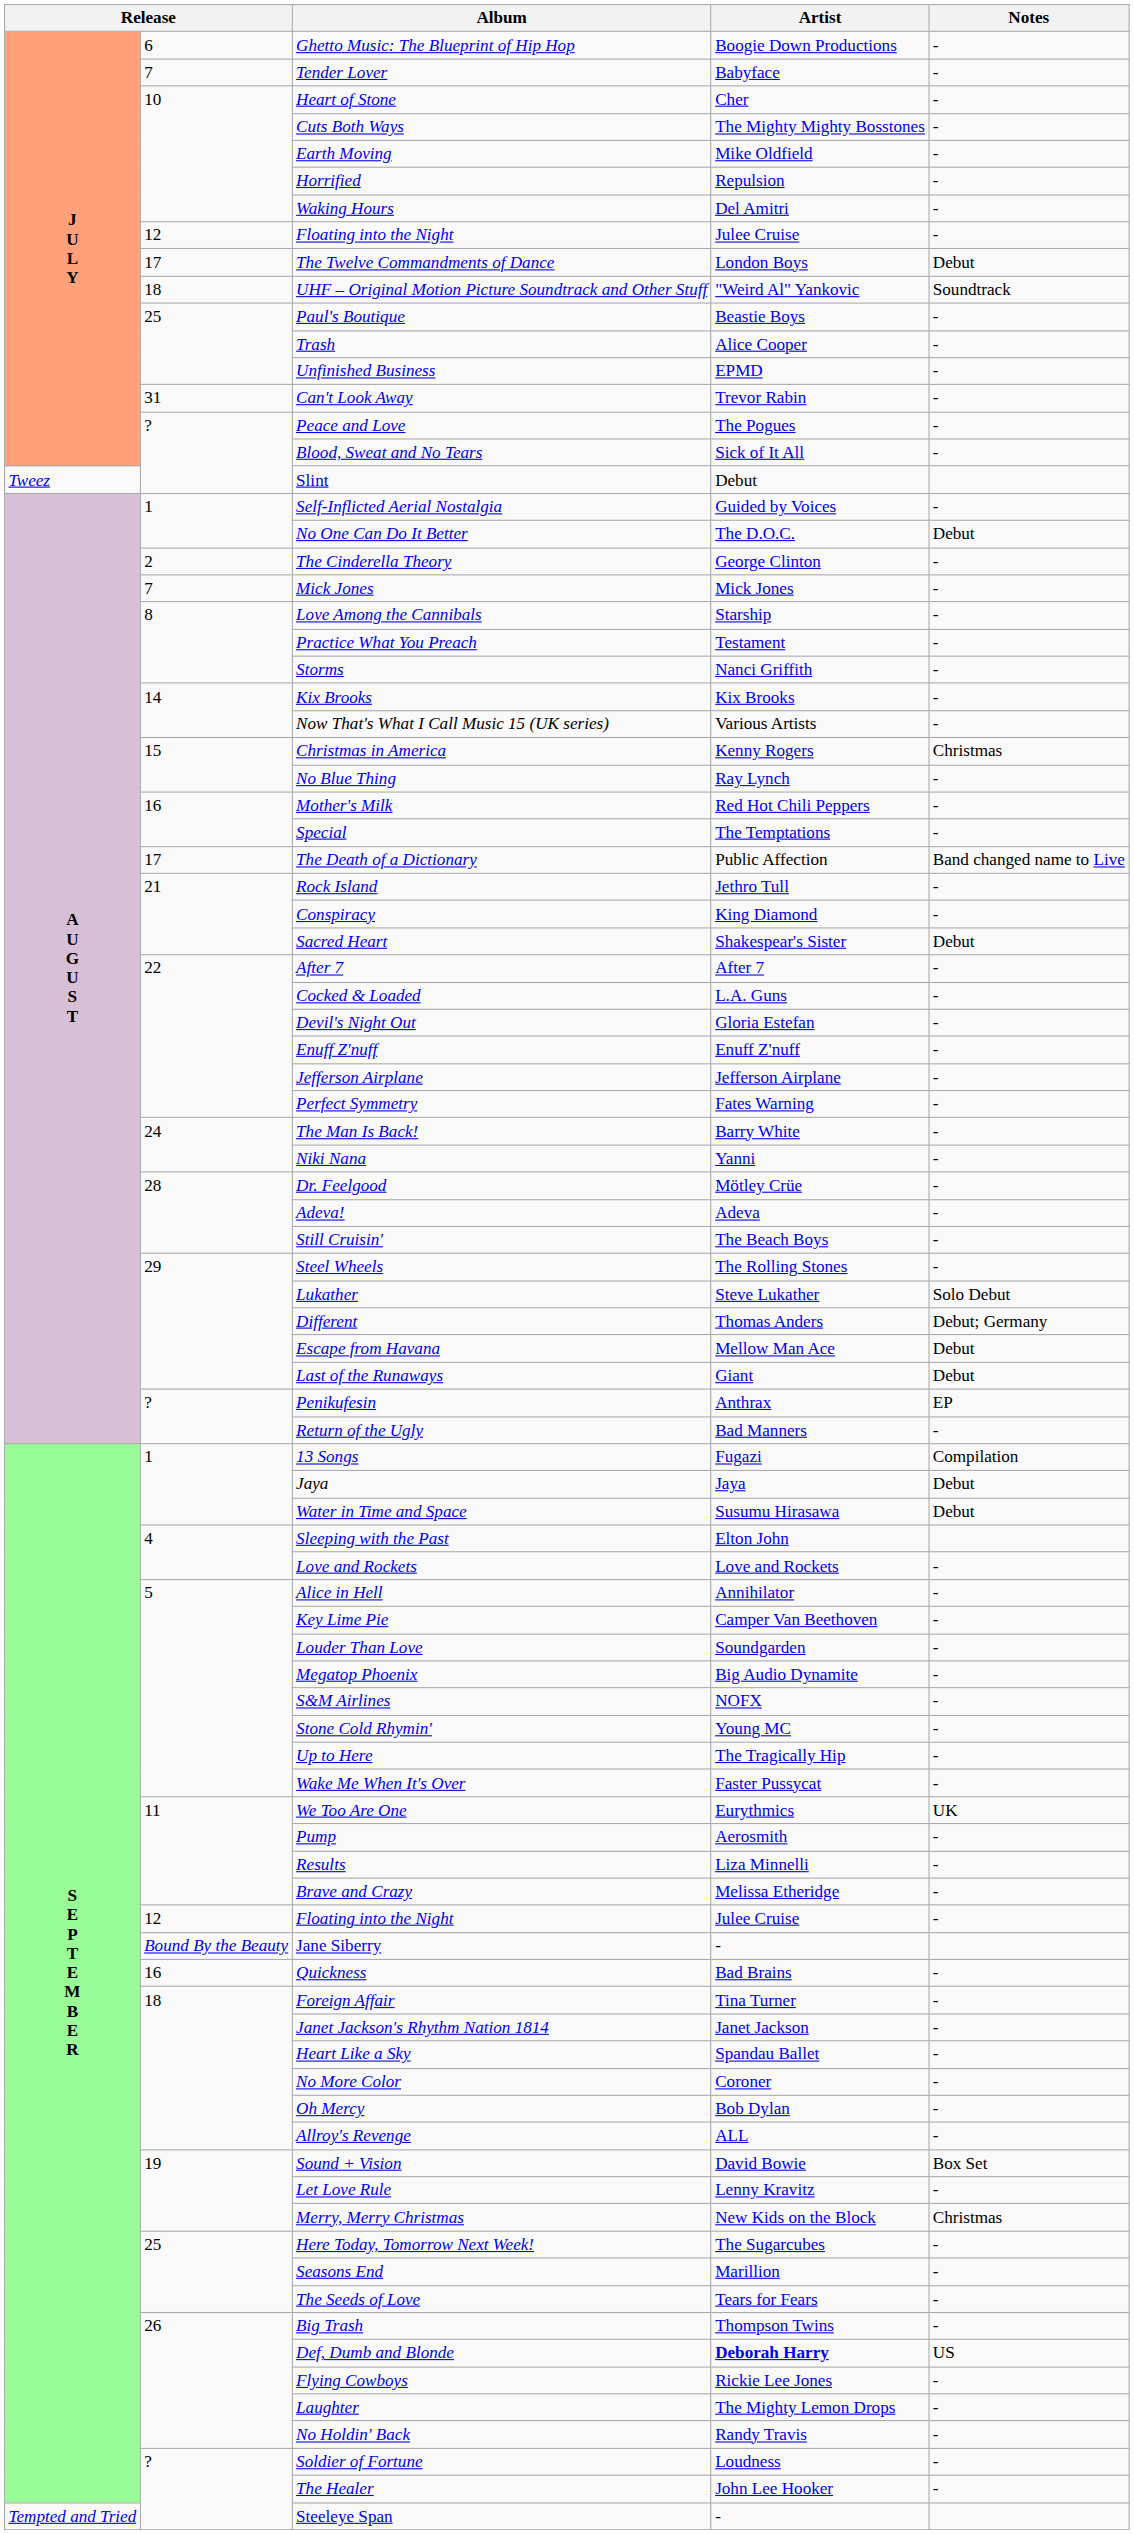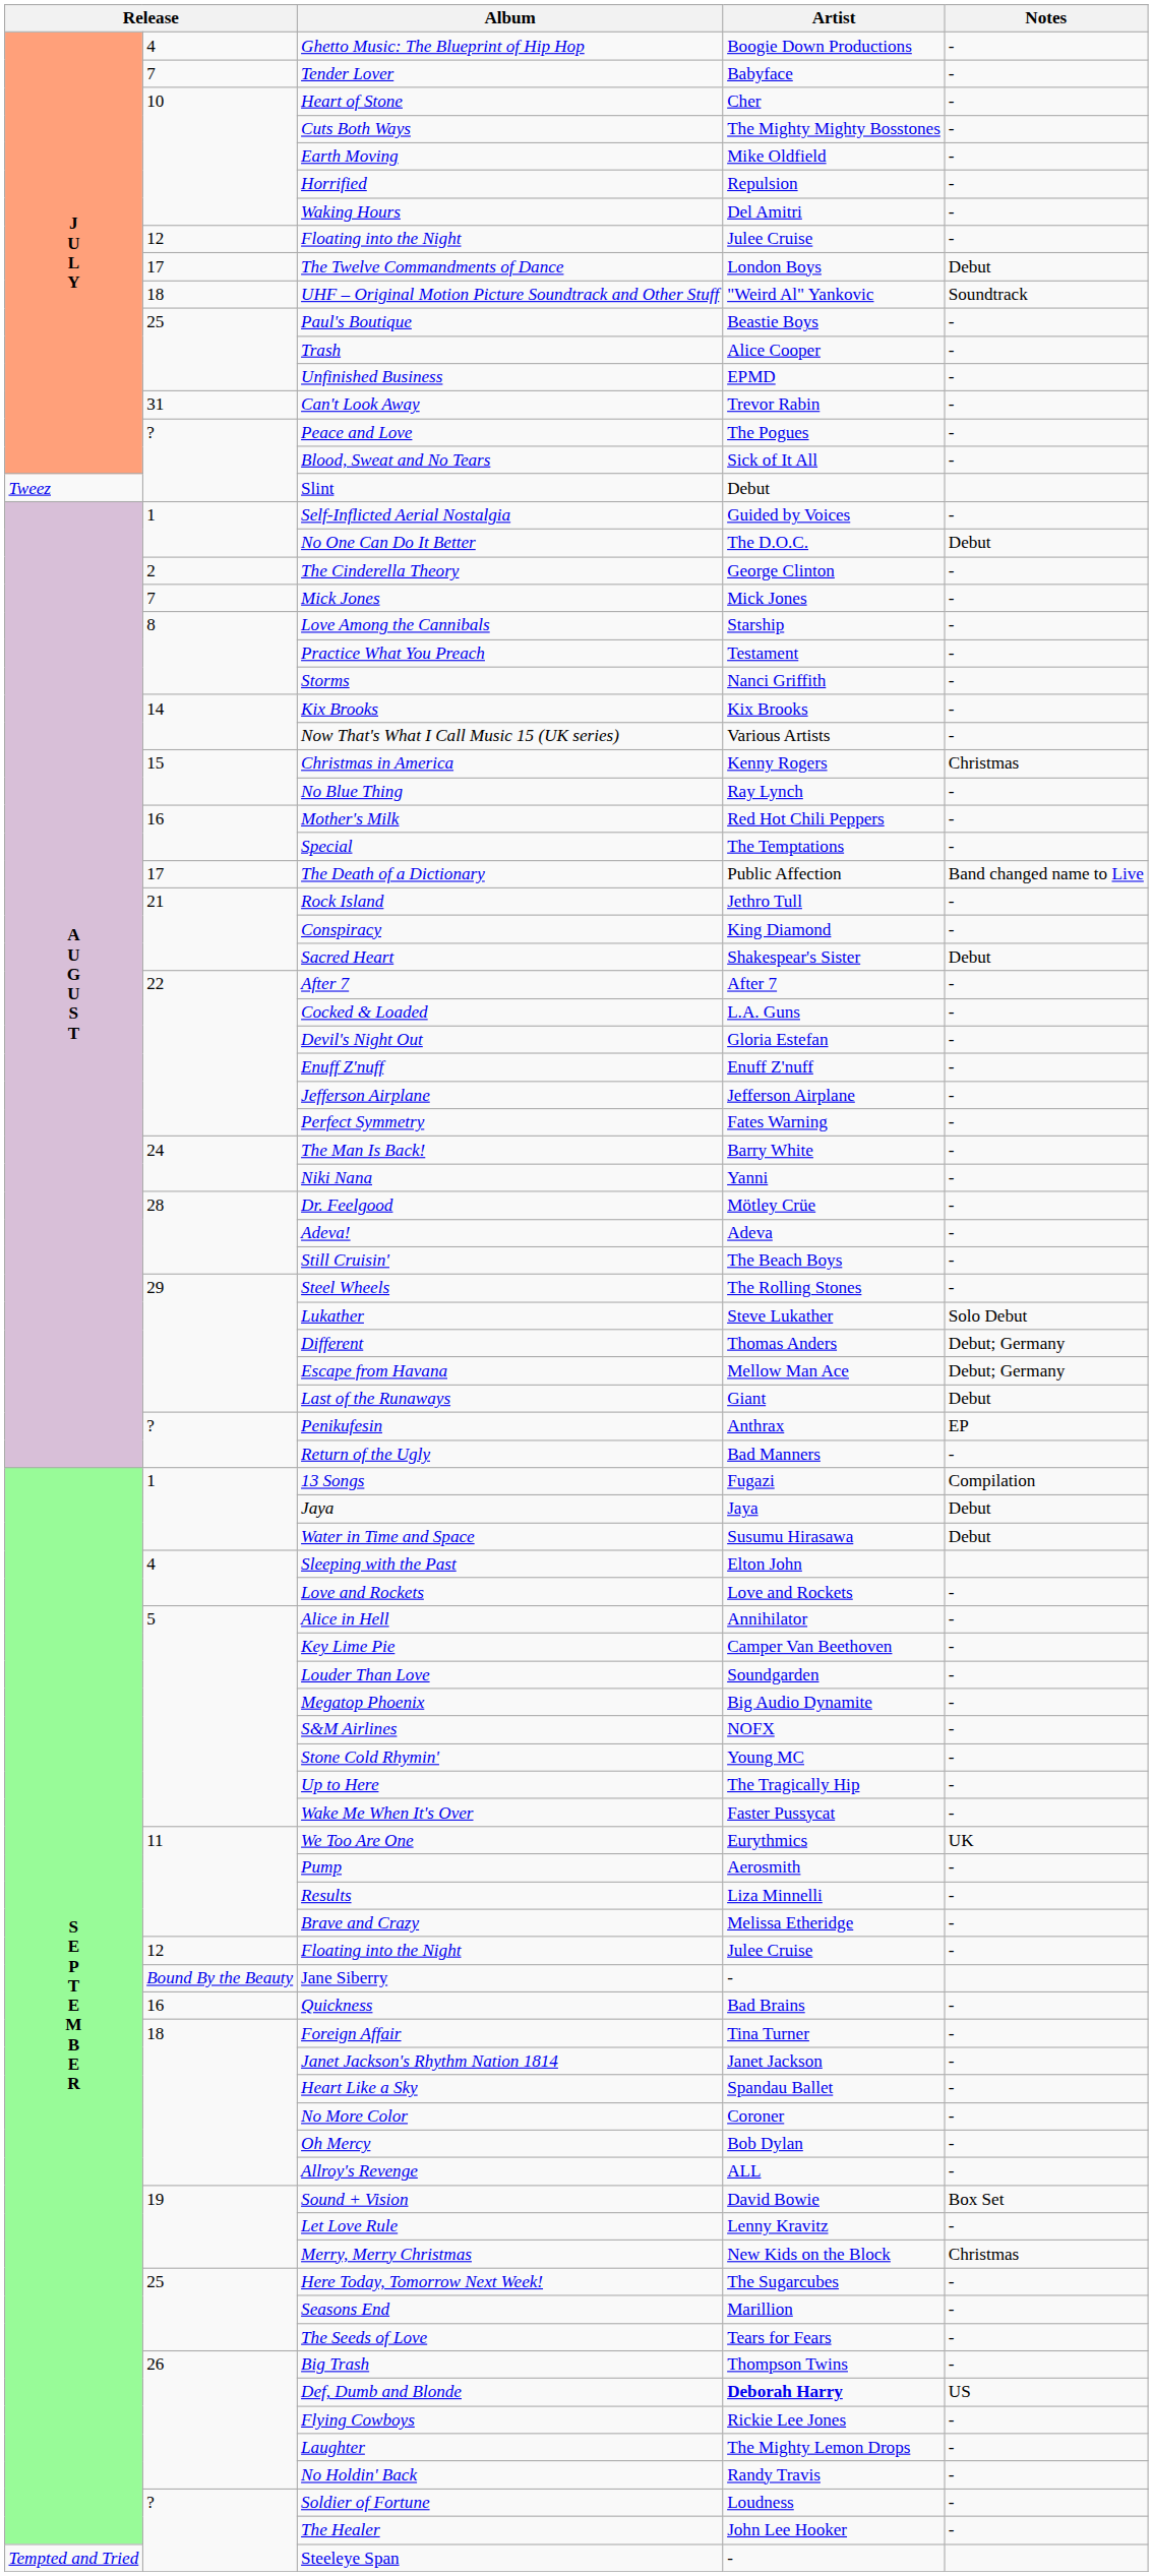 <table class="wikitable">
 <tr>
 <th colspan="2">Release</th>
 <th>Album</th>
 <th>Artist</th>
 <th>Notes</th>
 </tr>
 <tr>
 <td rowspan="16" valign="center" align="center" style="background:#FFA07A; textcolor:#000;"><strong>J<br>U<br>L<br>Y</strong></td>
-<td valign="top">6</td>
+<td valign="top">4</td>
 <td><em><a href='#'>Ghetto Music: The Blueprint of Hip Hop</a></em></td>
 <td><a href='#'>Boogie Down Productions</a></td>
 <td>-</td>
 </tr>
 <tr>
 <td valign="top">7</td>
 <td><em><a href='#'>Tender Lover</a></em></td>
 <td><a href='#'>Babyface</a></td>
 <td>-</td>
 </tr>
 <tr>
 <td rowspan="5" valign="top">10</td>
 <td><em><a href='#'>Heart of Stone</a></em></td>
 <td><a href='#'>Cher</a></td>
 <td>-</td>
 </tr>
 <tr>
 <td><em><a href='#'>Cuts Both Ways</a></em></td>
 <td><a href='#'>The Mighty Mighty Bosstones</a></td>
 <td>-</td>
 </tr>
 <tr>
 <td><em><a href='#'>Earth Moving</a></em></td>
 <td><a href='#'>Mike Oldfield</a></td>
 <td>-</td>
 </tr>
 <tr>
 <td><em><a href='#'>Horrified</a></em></td>
 <td><a href='#'>Repulsion</a></td>
 <td>-</td>
 </tr>
 <tr>
 <td><em><a href='#'>Waking Hours</a></em></td>
 <td><a href='#'>Del Amitri</a></td>
 <td>-</td>
 </tr>
 <tr>
 <td valign="top">12</td>
 <td><em><a href='#'>Floating into the Night</a></em></td>
 <td><a href='#'>Julee Cruise</a></td>
 <td>-</td>
 </tr>
 <tr>
 <td valign="top">17</td>
 <td><em><a href='#'>The Twelve Commandments of Dance</a></em></td>
 <td><a href='#'>London Boys</a></td>
 <td>Debut</td>
 </tr>
 <tr>
 <td valign="top">18</td>
 <td><em><a href='#'>UHF – Original Motion Picture Soundtrack and Other Stuff</a></em></td>
 <td><a href='#'>"Weird Al" Yankovic</a></td>
 <td>Soundtrack</td>
 </tr>
 <tr>
 <td rowspan="3" valign="top">25</td>
 <td><em><a href='#'>Paul's Boutique</a></em></td>
 <td><a href='#'>Beastie Boys</a></td>
 <td>-</td>
 </tr>
 <tr>
 <td><em><a href='#'>Trash</a></em></td>
 <td><a href='#'>Alice Cooper</a></td>
 <td>-</td>
 </tr>
 <tr>
 <td><em><a href='#'>Unfinished Business</a></em></td>
 <td><a href='#'>EPMD</a></td>
 <td>-</td>
 </tr>
 <tr>
 <td valign="top">31</td>
 <td><em><a href='#'>Can't Look Away</a></em></td>
 <td><a href='#'>Trevor Rabin</a></td>
 <td>-</td>
 </tr>
 <tr>
 <td rowspan="3" valign="top">?</td>
 <td><em><a href='#'>Peace and Love</a></em></td>
 <td><a href='#'>The Pogues</a></td>
 <td>-</td>
 </tr>
 <tr>
 <td><em><a href='#'>Blood, Sweat and No Tears</a></em></td>
 <td><a href='#'>Sick of It All</a></td>
 <td>-</td>
 </tr>
 <tr>
 <td><em><a href='#'>Tweez</a></em></td>
 <td><a href='#'>Slint</a></td>
 <td>Debut</td>
 </tr>
 <tr>
 <td rowspan="35" valign="center" align="center" style="background:#D8BFD8; textcolor:#000;"><strong>A<br>U<br>G<br>U<br>S<br>T</strong></td>
 <td rowspan="2" valign="top">1</td>
 <td><em><a href='#'>Self-Inflicted Aerial Nostalgia</a></em></td>
 <td><a href='#'>Guided by Voices</a></td>
 <td>-</td>
 </tr>
 <tr>
 <td><em><a href='#'>No One Can Do It Better</a></em></td>
 <td><a href='#'>The D.O.C.</a></td>
 <td>Debut</td>
 </tr>
 <tr>
 <td valign="top">2</td>
 <td><em><a href='#'>The Cinderella Theory</a></em></td>
 <td><a href='#'>George Clinton</a></td>
 <td>-</td>
 </tr>
 <tr>
 <td rowspan="1" valign="top">7</td>
 <td><em><a href='#'>Mick Jones</a></em></td>
 <td><a href='#'>Mick Jones</a></td>
 <td>-</td>
 </tr>
 <tr>
 <td rowspan="3" valign="top">8</td>
 <td><em><a href='#'>Love Among the Cannibals</a></em></td>
 <td><a href='#'>Starship</a></td>
 <td>-</td>
 </tr>
 <tr>
 <td><em><a href='#'>Practice What You Preach</a></em></td>
 <td><a href='#'>Testament</a></td>
 <td>-</td>
 </tr>
 <tr>
 <td><em><a href='#'>Storms</a></em></td>
 <td><a href='#'>Nanci Griffith</a></td>
 <td>-</td>
 </tr>
 <tr>
 <td rowspan="2" valign="top">14</td>
 <td><em><a href='#'>Kix Brooks</a></em></td>
 <td><a href='#'>Kix Brooks</a></td>
 <td>-</td>
 </tr>
 <tr>
 <td><em>Now That's What I Call Music 15 (UK series)</em></td>
 <td>Various Artists</td>
 <td>-</td>
 </tr>
 <tr>
 <td rowspan="2" valign="top">15</td>
 <td><em><a href='#'>Christmas in America</a></em></td>
 <td><a href='#'>Kenny Rogers</a></td>
 <td>Christmas</td>
 </tr>
 <tr>
 <td><em><a href='#'>No Blue Thing</a></em></td>
 <td><a href='#'>Ray Lynch</a></td>
 <td>-</td>
 </tr>
 <tr>
 <td rowspan="2" valign="top">16</td>
 <td><em><a href='#'>Mother's Milk</a></em></td>
 <td><a href='#'>Red Hot Chili Peppers</a></td>
 <td>-</td>
 </tr>
 <tr>
 <td><em><a href='#'>Special</a></em></td>
 <td><a href='#'>The Temptations</a></td>
 <td>-</td>
 </tr>
 <tr>
 <td valign="top">17</td>
 <td><em><a href='#'>The Death of a Dictionary</a></em></td>
 <td>Public Affection</td>
 <td>Band changed name to <a href='#'>Live</a></td>
 </tr>
 <tr>
 <td rowspan="3" valign="top">21</td>
 <td><em><a href='#'>Rock Island</a></em></td>
 <td><a href='#'>Jethro Tull</a></td>
 <td>-</td>
 </tr>
 <tr>
 <td><em><a href='#'>Conspiracy</a></em></td>
 <td><a href='#'>King Diamond</a></td>
 <td>-</td>
 </tr>
 <tr>
 <td><em><a href='#'>Sacred Heart</a></em></td>
 <td><a href='#'>Shakespear's Sister</a></td>
 <td>Debut</td>
 </tr>
 <tr>
 <td rowspan="6" valign="top">22</td>
 <td><em><a href='#'>After 7</a></em></td>
 <td><a href='#'>After 7</a></td>
 <td>-</td>
 </tr>
 <tr>
 <td><em><a href='#'>Cocked & Loaded</a></em></td>
 <td><a href='#'>L.A. Guns</a></td>
 <td>-</td>
 </tr>
 <tr>
 <td><em><a href='#'>Devil's Night Out</a></em></td>
 <td><a href='#'>Gloria Estefan</a></td>
 <td>-</td>
 </tr>
 <tr>
 <td><em><a href='#'>Enuff Z'nuff</a></em></td>
 <td><a href='#'>Enuff Z'nuff</a></td>
 <td>-</td>
 </tr>
 <tr>
 <td><em><a href='#'>Jefferson Airplane</a></em></td>
 <td><a href='#'>Jefferson Airplane</a></td>
 <td>-</td>
 </tr>
 <tr>
 <td><em><a href='#'>Perfect Symmetry</a></em></td>
 <td><a href='#'>Fates Warning</a></td>
 <td>-</td>
 </tr>
 <tr>
 <td rowspan="2" valign="top">24</td>
 <td><em><a href='#'>The Man Is Back!</a></em></td>
 <td><a href='#'>Barry White</a></td>
 <td>-</td>
 </tr>
 <tr>
 <td><em><a href='#'>Niki Nana</a></em></td>
 <td><a href='#'>Yanni</a></td>
 <td>-</td>
 </tr>
 <tr>
 <td rowspan="3" valign="top">28</td>
 <td><em><a href='#'>Dr. Feelgood</a></em></td>
 <td><a href='#'>Mötley Crüe</a></td>
 <td>-</td>
 </tr>
 <tr>
 <td><em><a href='#'>Adeva!</a></em></td>
 <td><a href='#'>Adeva</a></td>
 <td>-</td>
 </tr>
 <tr>
 <td><em><a href='#'>Still Cruisin'</a></em></td>
 <td><a href='#'>The Beach Boys</a></td>
 <td>-</td>
 </tr>
 <tr>
 <td rowspan="5" valign="top">29</td>
 <td><em><a href='#'>Steel Wheels</a></em></td>
 <td><a href='#'>The Rolling Stones</a></td>
 <td>-</td>
 </tr>
 <tr>
 <td><em><a href='#'>Lukather</a></em></td>
 <td><a href='#'>Steve Lukather</a></td>
 <td>Solo Debut</td>
 </tr>
 <tr>
 <td><em><a href='#'>Different</a></em></td>
 <td><a href='#'>Thomas Anders</a></td>
 <td>Debut; Germany</td>
 </tr>
 <tr>
 <td><em><a href='#'>Escape from Havana</a></em></td>
 <td><a href='#'>Mellow Man Ace</a></td>
-<td>Debut</td>
+<td>Debut; Germany</td>
 </tr>
 <tr>
 <td><em><a href='#'>Last of the Runaways</a></em></td>
 <td><a href='#'>Giant</a></td>
 <td>Debut</td>
 </tr>
 <tr>
 <td rowspan="2" valign="top">?</td>
 <td><em><a href='#'>Penikufesin</a></em></td>
 <td><a href='#'>Anthrax</a></td>
 <td>EP</td>
 </tr>
 <tr>
 <td><em><a href='#'>Return of the Ugly</a></em></td>
 <td><a href='#'>Bad Manners</a></td>
 <td>-</td>
 </tr>
 <tr>
 <td rowspan="39" valign="center" align="center" style="background:#98FB98; textcolor:#000;"><strong>S<br>E<br>P<br>T<br>E<br>M<br>B<br>E<br>R</strong></td>
 <td rowspan="3" valign="top">1</td>
 <td><em><a href='#'>13 Songs</a></em></td>
 <td><a href='#'>Fugazi</a></td>
 <td>Compilation</td>
 </tr>
 <tr>
 <td><em>Jaya</em></td>
 <td><a href='#'>Jaya</a></td>
 <td>Debut</td>
 </tr>
 <tr>
 <td><em><a href='#'>Water in Time and Space</a></em></td>
 <td><a href='#'>Susumu Hirasawa</a></td>
 <td>Debut</td>
 </tr>
 <tr>
 <td rowspan="2" valign="top">4</td>
 <td><em><a href='#'>Sleeping with the Past</a></em></td>
 <td><a href='#'>Elton John</a></td>
 <td></td>
 </tr>
 <tr>
 <td><em><a href='#'>Love and Rockets</a></em></td>
 <td><a href='#'>Love and Rockets</a></td>
 <td>-</td>
 </tr>
 <tr>
 <td rowspan="8" valign="top">5</td>
 <td><em><a href='#'>Alice in Hell</a></em></td>
 <td><a href='#'>Annihilator</a></td>
 <td>-</td>
 </tr>
 <tr>
 <td><em><a href='#'>Key Lime Pie</a></em></td>
 <td><a href='#'>Camper Van Beethoven</a></td>
 <td>-</td>
 </tr>
 <tr>
 <td><em><a href='#'>Louder Than Love</a></em></td>
 <td><a href='#'>Soundgarden</a></td>
 <td>-</td>
 </tr>
 <tr>
 <td><em><a href='#'>Megatop Phoenix</a></em></td>
 <td><a href='#'>Big Audio Dynamite</a></td>
 <td>-</td>
 </tr>
 <tr>
 <td><em><a href='#'>S&M Airlines</a></em></td>
 <td><a href='#'>NOFX</a></td>
 <td>-</td>
 </tr>
 <tr>
 <td><em><a href='#'>Stone Cold Rhymin'</a></em></td>
 <td><a href='#'>Young MC</a></td>
 <td>-</td>
 </tr>
 <tr>
 <td><em><a href='#'>Up to Here</a></em></td>
 <td><a href='#'>The Tragically Hip</a></td>
 <td>-</td>
 </tr>
 <tr>
 <td><em><a href='#'>Wake Me When It's Over</a></em></td>
 <td><a href='#'>Faster Pussycat</a></td>
 <td>-</td>
 </tr>
 <tr>
 <td rowspan="4" valign="top">11</td>
 <td><em><a href='#'>We Too Are One</a></em></td>
 <td><a href='#'>Eurythmics</a></td>
 <td>UK</td>
 </tr>
 <tr>
 <td><em><a href='#'>Pump</a></em></td>
 <td><a href='#'>Aerosmith</a></td>
 <td>-</td>
 </tr>
 <tr>
 <td><em><a href='#'>Results</a></em></td>
 <td><a href='#'>Liza Minnelli</a></td>
 <td>-</td>
 </tr>
 <tr>
 <td><em><a href='#'>Brave and Crazy</a></em></td>
 <td><a href='#'>Melissa Etheridge</a></td>
 <td>-</td>
 </tr>
 <tr>
 <td rowspan="1" valign="top">12</td>
 <td><em><a href='#'>Floating into the Night</a></em></td>
 <td><a href='#'>Julee Cruise</a></td>
 <td>-</td>
 </tr>
 <tr>
 <td><em><a href='#'>Bound By the Beauty</a></em></td>
 <td><a href='#'>Jane Siberry</a></td>
 <td>-</td>
 </tr>
 <tr>
 <td valign="top">16</td>
 <td><em><a href='#'>Quickness</a></em></td>
 <td><a href='#'>Bad Brains</a></td>
 <td>-</td>
 </tr>
 <tr>
 <td rowspan="6" valign="top">18</td>
 <td><em><a href='#'>Foreign Affair</a></em></td>
 <td><a href='#'>Tina Turner</a></td>
 <td>-</td>
 </tr>
 <tr>
 <td><em><a href='#'>Janet Jackson's Rhythm Nation 1814</a></em></td>
 <td><a href='#'>Janet Jackson</a></td>
 <td>-</td>
 </tr>
 <tr>
 <td><em><a href='#'>Heart Like a Sky</a></em></td>
 <td><a href='#'>Spandau Ballet</a></td>
 <td>-</td>
 </tr>
 <tr>
 <td><em><a href='#'>No More Color</a></em></td>
 <td><a href='#'>Coroner</a></td>
 <td>-</td>
 </tr>
 <tr>
 <td><em><a href='#'>Oh Mercy</a></em></td>
 <td><a href='#'>Bob Dylan</a></td>
 <td>-</td>
 </tr>
 <tr>
 <td><em><a href='#'>Allroy's Revenge</a></em></td>
 <td><a href='#'>ALL</a></td>
 <td>-</td>
 </tr>
 <tr>
 <td rowspan="3" valign="top">19</td>
 <td><em><a href='#'>Sound + Vision</a></em></td>
 <td><a href='#'>David Bowie</a></td>
 <td>Box Set</td>
 </tr>
 <tr>
 <td><em><a href='#'>Let Love Rule</a></em></td>
 <td><a href='#'>Lenny Kravitz</a></td>
 <td>-</td>
 </tr>
 <tr>
 <td><em><a href='#'>Merry, Merry Christmas</a></em></td>
 <td><a href='#'>New Kids on the Block</a></td>
 <td>Christmas</td>
 </tr>
 <tr>
 <td rowspan="3" valign="top">25</td>
 <td><em><a href='#'>Here Today, Tomorrow Next Week!</a></em></td>
 <td><a href='#'>The Sugarcubes</a></td>
 <td>-</td>
 </tr>
 <tr>
 <td><em><a href='#'>Seasons End</a></em></td>
 <td><a href='#'>Marillion</a></td>
 <td>-</td>
 </tr>
 <tr>
 <td><em><a href='#'>The Seeds of Love</a></em></td>
 <td><a href='#'>Tears for Fears</a></td>
 <td>-</td>
 </tr>
 <tr>
 <td rowspan="5" valign="top">26</td>
 <td><em><a href='#'>Big Trash</a></em></td>
 <td><a href='#'>Thompson Twins</a></td>
 <td>-</td>
 </tr>
 <tr>
 <td><em><a href='#'>Def, Dumb and Blonde</a></em></td>
 <td><strong><a href='#'>Deborah Harry</a></strong></td>
 <td>US</td>
 </tr>
 <tr>
 <td><em><a href='#'>Flying Cowboys</a></em></td>
 <td><a href='#'>Rickie Lee Jones</a></td>
 <td>-</td>
 </tr>
 <tr>
 <td><em><a href='#'>Laughter</a></em></td>
 <td><a href='#'>The Mighty Lemon Drops</a></td>
 <td>-</td>
 </tr>
 <tr>
 <td><em><a href='#'>No Holdin' Back</a></em></td>
 <td><a href='#'>Randy Travis</a></td>
 <td>-</td>
 </tr>
 <tr>
 <td rowspan="3" valign="top">?</td>
 <td><em><a href='#'>Soldier of Fortune</a></em></td>
 <td><a href='#'>Loudness</a></td>
 <td>-</td>
 </tr>
 <tr>
 <td><em><a href='#'>The Healer</a></em></td>
 <td><a href='#'>John Lee Hooker</a></td>
 <td>-</td>
 </tr>
 <tr>
 <td><em><a href='#'>Tempted and Tried</a></em></td>
 <td><a href='#'>Steeleye Span</a></td>
 <td>-</td>
 </tr>
 </table>
